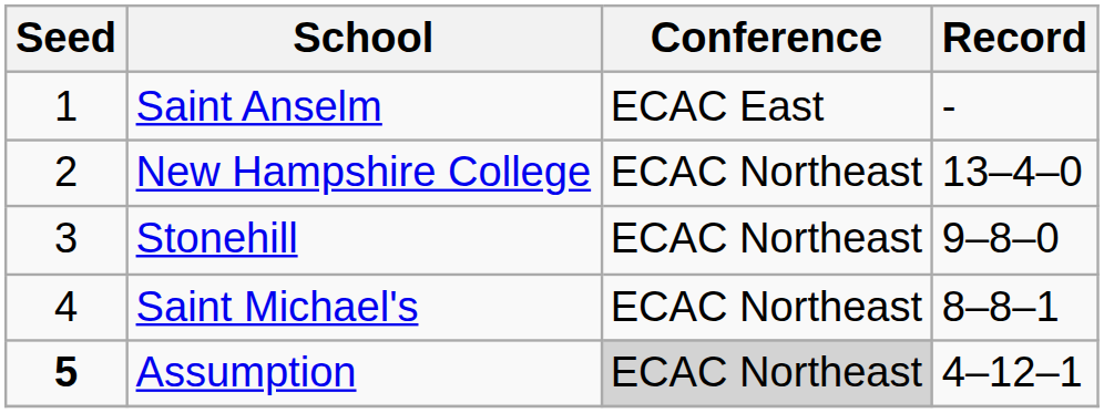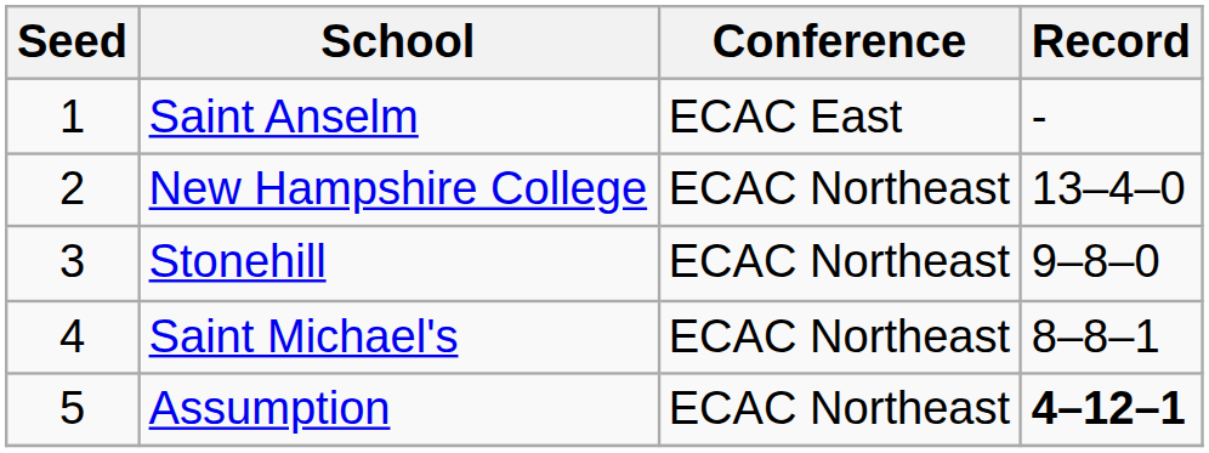 <table class="wikitable">
 <tr>
 <th>Seed</th>
 <th>School</th>
 <th>Conference</th>
 <th>Record</th>
 </tr>
 <tr>
 <td align=center>1</td>
 <td><a href='#'>Saint Anselm</a></td>
 <td>ECAC East</td>
 <td>-</td>
 </tr>
 <tr>
 <td align=center>2</td>
 <td><a href='#'>New Hampshire College</a></td>
 <td>ECAC Northeast</td>
 <td>13–4–0</td>
 </tr>
 <tr>
 <td align=center>3</td>
 <td><a href='#'>Stonehill</a></td>
 <td>ECAC Northeast</td>
 <td>9–8–0</td>
 </tr>
 <tr>
 <td align=center>4</td>
 <td><a href='#'>Saint Michael's</a></td>
 <td>ECAC Northeast</td>
 <td>8–8–1</td>
 </tr>
 <tr>
-<td align=center><strong>5</strong></td>
+<td align=center>5</td>
 <td><a href='#'>Assumption</a></td>
-<td style="background: lightgrey;">ECAC Northeast</td>
-<td>4–12–1</td>
+<td>ECAC Northeast</td>
+<td><strong>4–12–1</strong></td>
 </tr>
 <tr>
 </tr>
 </table>
